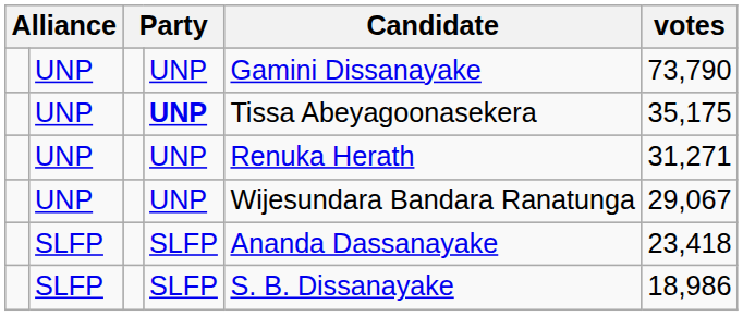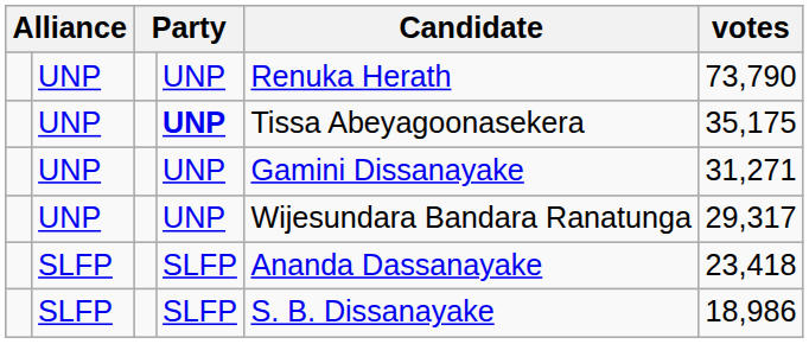 <table class="wikitable sortable mw-collapsible">
 <tr>
 <th colspan="2">Alliance</th>
 <th colspan="2">Party</th>
 <th>Candidate</th>
 <th>votes</th>
 </tr>
 <tr>
 <td bgcolor=> </td>
 <td align=left><a href='#'>UNP</a></td>
 <td bgcolor=> </td>
 <td align=left><a href='#'>UNP</a></td>
-<td><a href='#'>Gamini Dissanayake</a></td>
+<td><a href='#'>Renuka Herath</a></td>
 <td>73,790</td>
 </tr>
 <tr>
 <td bgcolor=> </td>
 <td align=left><a href='#'>UNP</a></td>
 <td bgcolor=> </td>
 <td align=left><strong><a href='#'>UNP</a></strong></td>
 <td>Tissa Abeyagoonasekera</td>
 <td>35,175</td>
 </tr>
 <tr>
 <td bgcolor=> </td>
 <td align=left><a href='#'>UNP</a></td>
 <td bgcolor=> </td>
 <td align=left><a href='#'>UNP</a></td>
-<td><a href='#'>Renuka Herath</a></td>
+<td><a href='#'>Gamini Dissanayake</a></td>
 <td>31,271</td>
 </tr>
 <tr>
 <td bgcolor=> </td>
 <td align=left><a href='#'>UNP</a></td>
 <td bgcolor=> </td>
 <td align=left><a href='#'>UNP</a></td>
 <td>Wijesundara Bandara Ranatunga</td>
-<td>29,067</td>
+<td>29,317</td>
 </tr>
 <tr>
 <td bgcolor=> </td>
 <td align=left><a href='#'>SLFP</a></td>
 <td bgcolor=> </td>
 <td align=left><a href='#'>SLFP</a></td>
 <td><a href='#'>Ananda Dassanayake</a></td>
 <td>23,418</td>
 </tr>
 <tr>
 <td bgcolor=> </td>
 <td align=left><a href='#'>SLFP</a></td>
 <td bgcolor=> </td>
 <td align=left><a href='#'>SLFP</a></td>
 <td><a href='#'>S. B. Dissanayake</a></td>
 <td>18,986</td>
 </tr>
 </table>
